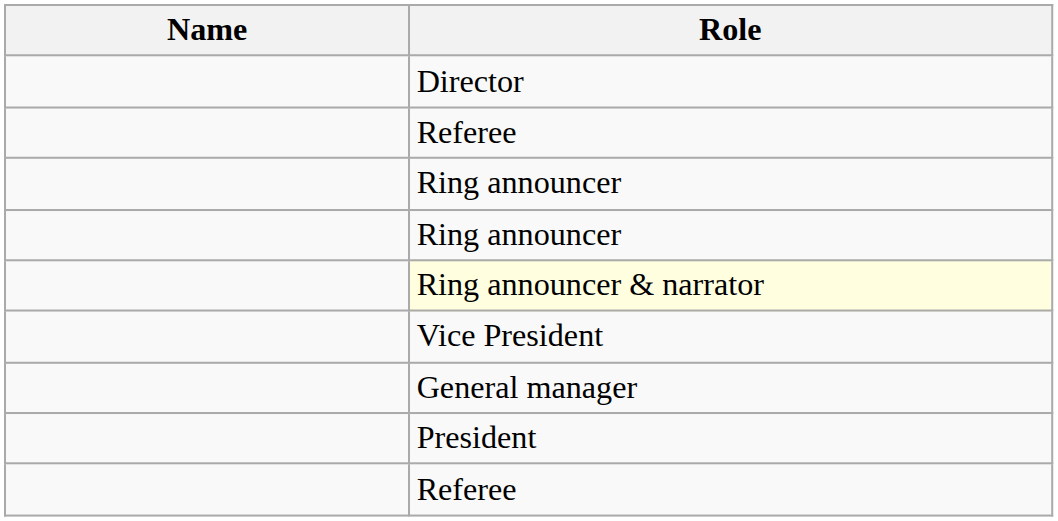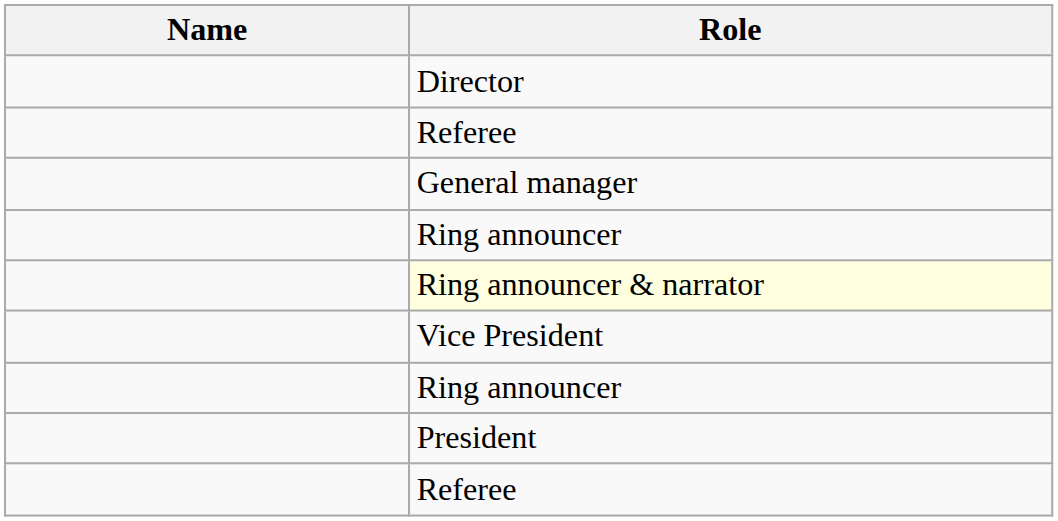 <table class="wikitable sortable" align="left center" width="59%">
 <tr>
 <th width="17%">Name</th>
 <th width="27%">Role</th>
 </tr>
 <tr>
 <td></td>
 <td>Director</td>
 </tr>
 <tr>
 <td></td>
 <td>Referee</td>
 </tr>
 <tr>
 <td></td>
-<td>Ring announcer</td>
+<td>General manager</td>
 </tr>
 <tr>
 <td></td>
 <td>Ring announcer</td>
 </tr>
 <tr>
 <td></td>
 <td style="background: lightyellow;">Ring announcer & narrator</td>
 </tr>
 <tr>
 <td></td>
 <td>Vice President</td>
 </tr>
 <tr>
 <td></td>
-<td>General manager</td>
+<td>Ring announcer</td>
 </tr>
 <tr>
 <td></td>
 <td>President</td>
 </tr>
 <tr>
 <td></td>
 <td>Referee</td>
 </tr>
 </table>
